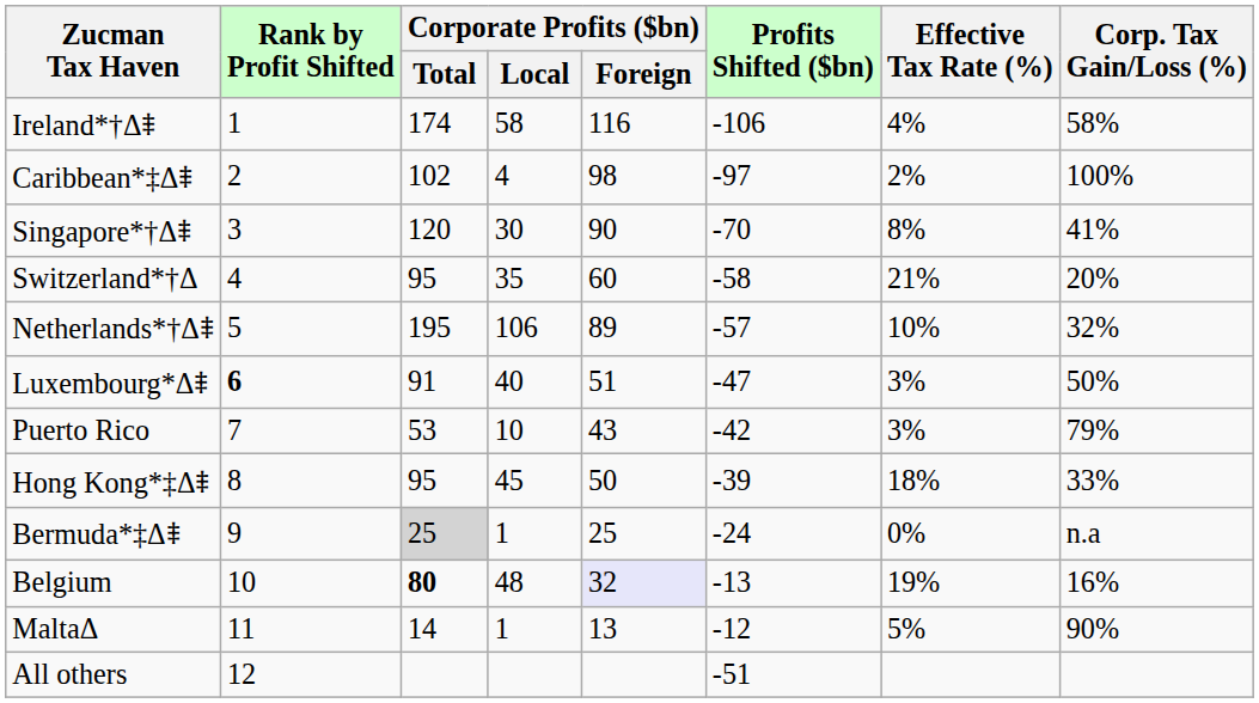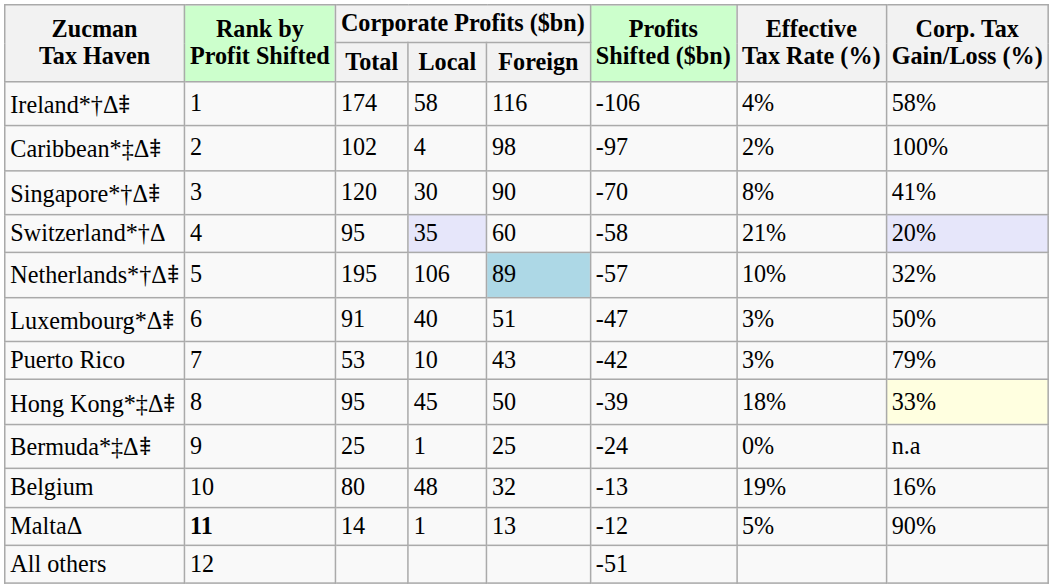 <table class="wikitable sortable static-row-numbers static-row-header-text">
 <tr>
 <th rowspan=2>Zucman<br> Tax Haven<br></th>
 <th rowspan=2 style="background:#cfc;">Rank by<br>Profit Shifted</th>
 <th colspan=3>Corporate Profits ($bn)</th>
 <th rowspan=2 style="background:#cfc;">Profits<br>Shifted ($bn)</th>
 <th rowspan=2>Effective<br>Tax Rate (%)</th>
 <th rowspan=2>Corp. Tax<br>Gain/Loss (%)</th>
 </tr>
 <tr>
 <th>Total</th>
 <th>Local</th>
 <th>Foreign</th>
 </tr>
 <tr>
 <td>Ireland*†Δ⹋</td>
 <td>1</td>
 <td>174</td>
 <td>58</td>
 <td>116</td>
 <td>-106</td>
 <td>4%</td>
 <td>58%</td>
 </tr>
 <tr>
 <td>Caribbean*‡Δ⹋</td>
 <td>2</td>
 <td>102</td>
 <td>4</td>
 <td>98</td>
 <td>-97</td>
 <td>2%</td>
 <td>100%</td>
 </tr>
 <tr>
 <td>Singapore*†Δ⹋</td>
 <td>3</td>
 <td>120</td>
 <td>30</td>
 <td>90</td>
 <td>-70</td>
 <td>8%</td>
 <td>41%</td>
 </tr>
 <tr>
 <td>Switzerland*†Δ</td>
 <td>4</td>
 <td>95</td>
-<td>35</td>
+<td style="background: lavender;">35</td>
 <td>60</td>
 <td>-58</td>
 <td>21%</td>
-<td>20%</td>
+<td style="background: lavender;">20%</td>
 </tr>
 <tr>
 <td>Netherlands*†Δ⹋</td>
 <td>5</td>
 <td>195</td>
 <td>106</td>
-<td>89</td>
+<td style="background: lightblue;">89</td>
 <td>-57</td>
 <td>10%</td>
 <td>32%</td>
 </tr>
 <tr>
 <td>Luxembourg*Δ⹋</td>
-<td><strong>6</strong></td>
+<td>6</td>
 <td>91</td>
 <td>40</td>
 <td>51</td>
 <td>-47</td>
 <td>3%</td>
 <td>50%</td>
 </tr>
 <tr>
 <td>Puerto Rico</td>
 <td>7</td>
 <td>53</td>
 <td>10</td>
 <td>43</td>
 <td>-42</td>
 <td>3%</td>
 <td>79%</td>
 </tr>
 <tr>
 <td>Hong Kong*‡Δ⹋</td>
 <td>8</td>
 <td>95</td>
 <td>45</td>
 <td>50</td>
 <td>-39</td>
 <td>18%</td>
-<td>33%</td>
+<td style="background: lightyellow;">33%</td>
 </tr>
 <tr>
 <td>Bermuda*‡Δ⹋</td>
 <td>9</td>
-<td style="background: lightgrey;">25</td>
+<td>25</td>
 <td>1</td>
 <td>25</td>
 <td>-24</td>
 <td>0%</td>
 <td>n.a</td>
 </tr>
 <tr>
 <td>Belgium</td>
 <td>10</td>
-<td><strong>80</strong></td>
+<td>80</td>
 <td>48</td>
-<td style="background: lavender;">32</td>
+<td>32</td>
 <td>-13</td>
 <td>19%</td>
 <td>16%</td>
 </tr>
 <tr>
 <td>MaltaΔ</td>
-<td>11</td>
+<td><strong>11</strong></td>
 <td>14</td>
 <td>1</td>
 <td>13</td>
 <td>-12</td>
 <td>5%</td>
 <td>90%</td>
 </tr>
 <tr>
 <td>All others</td>
 <td>12</td>
 <td></td>
 <td></td>
 <td></td>
 <td>-51</td>
 <td></td>
 <td></td>
 </tr>
 </table>
